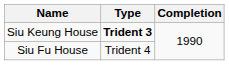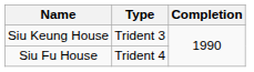 <table class="wikitable" style="text-align: center">
 <tr>
 <th>Name</th>
 <th>Type</th>
 <th>Completion</th>
 </tr>
 <tr>
 <td>Siu Keung House</td>
-<td><strong>Trident 3</strong></td>
+<td>Trident 3</td>
 <td rowspan="2">1990</td>
 </tr>
 <tr>
 <td>Siu Fu House</td>
 <td>Trident 4</td>
 </tr>
 </table>
